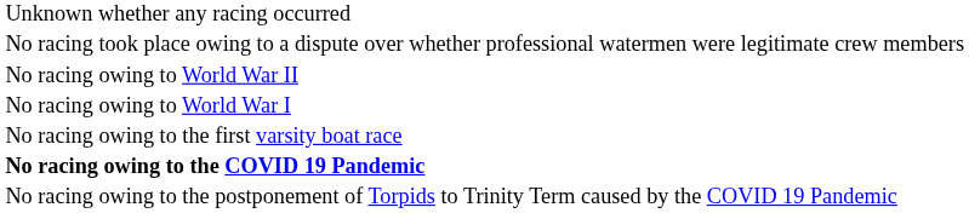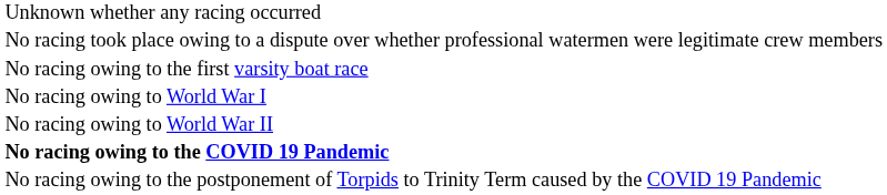 <table>
 <tr>
 <td> Unknown whether any racing occurred</td>
 </tr>
 <tr>
 <td> No racing took place owing to a dispute over whether professional watermen were legitimate crew members</td>
 </tr>
 <tr>
-<td> No racing owing to <a href='#'>World War II</a></td>
+<td> No racing owing to the first <a href='#'>varsity boat race</a></td>
 </tr>
 <tr>
 <td> No racing owing to <a href='#'>World War I</a></td>
 </tr>
 <tr>
-<td> No racing owing to the first <a href='#'>varsity boat race</a></td>
+<td> No racing owing to <a href='#'>World War II</a></td>
 </tr>
 <tr>
 <td><strong> No racing owing to the <a href='#'>COVID 19 Pandemic</a></strong></td>
 </tr>
 <tr>
 <td> No racing owing to the postponement of <a href='#'>Torpids</a> to Trinity Term caused by the <a href='#'>COVID 19 Pandemic</a></td>
 </tr>
 </table>
